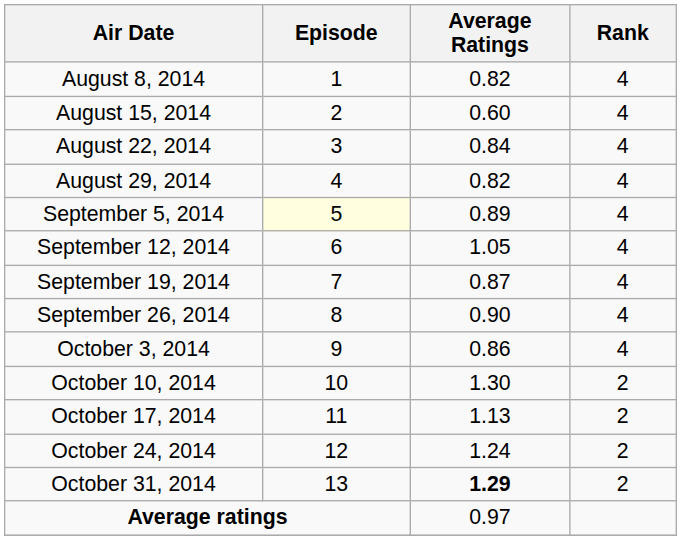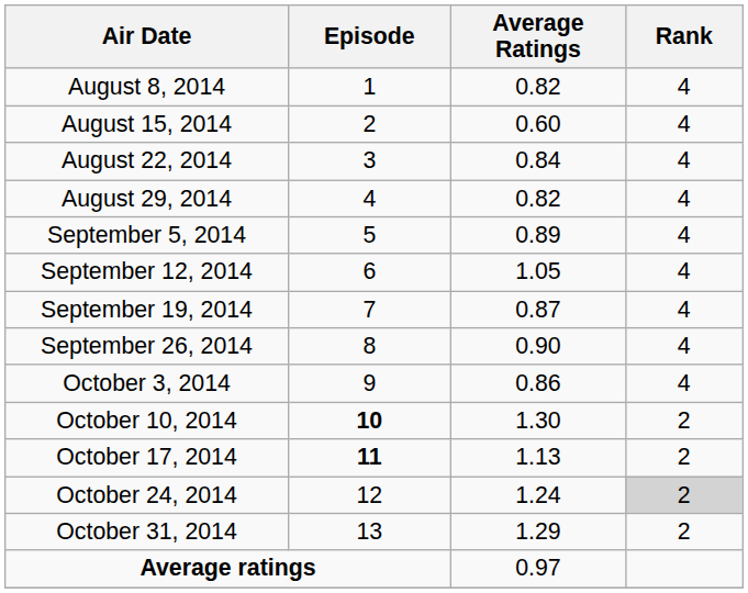 <table class="wikitable" style="text-align:center;width:40%;">
 <tr>
 <th width="13%">Air Date</th>
 <th width="5%">Episode</th>
 <th width="6%">Average Ratings</th>
 <th width="4%">Rank</th>
 </tr>
 <tr>
 <td>August 8, 2014</td>
 <td>1</td>
 <td>0.82</td>
 <td>4</td>
 </tr>
 <tr>
 <td>August 15, 2014</td>
 <td>2</td>
 <td>0.60</td>
 <td>4</td>
 </tr>
 <tr>
 <td>August 22, 2014</td>
 <td>3</td>
 <td>0.84</td>
 <td>4</td>
 </tr>
 <tr>
 <td>August 29, 2014</td>
 <td>4</td>
 <td>0.82</td>
 <td>4</td>
 </tr>
 <tr>
 <td>September 5, 2014</td>
-<td style="background: lightyellow;">5</td>
+<td>5</td>
 <td>0.89</td>
 <td>4</td>
 </tr>
 <tr>
 <td>September 12, 2014</td>
 <td>6</td>
 <td>1.05</td>
 <td>4</td>
 </tr>
 <tr>
 <td>September 19, 2014</td>
 <td>7</td>
 <td>0.87</td>
 <td>4</td>
 </tr>
 <tr>
 <td>September 26, 2014</td>
 <td>8</td>
 <td>0.90</td>
 <td>4</td>
 </tr>
 <tr>
 <td>October 3, 2014</td>
 <td>9</td>
 <td>0.86</td>
 <td>4</td>
 </tr>
 <tr>
 <td>October 10, 2014</td>
-<td>10</td>
+<td><strong>10</strong></td>
 <td>1.30</td>
 <td>2</td>
 </tr>
 <tr>
 <td>October 17, 2014</td>
-<td>11</td>
+<td><strong>11</strong></td>
 <td>1.13</td>
 <td>2</td>
 </tr>
 <tr>
 <td>October 24, 2014</td>
 <td>12</td>
 <td>1.24</td>
-<td>2</td>
+<td style="background: lightgrey;">2</td>
 </tr>
 <tr>
 <td>October 31, 2014</td>
 <td>13</td>
-<td><strong>1.29</strong></td>
+<td>1.29</td>
 <td>2</td>
 </tr>
 <tr>
 <td colspan=2><strong>Average ratings</strong></td>
 <td>0.97</td>
 <td></td>
 </tr>
 <tr>
 </tr>
 </table>
